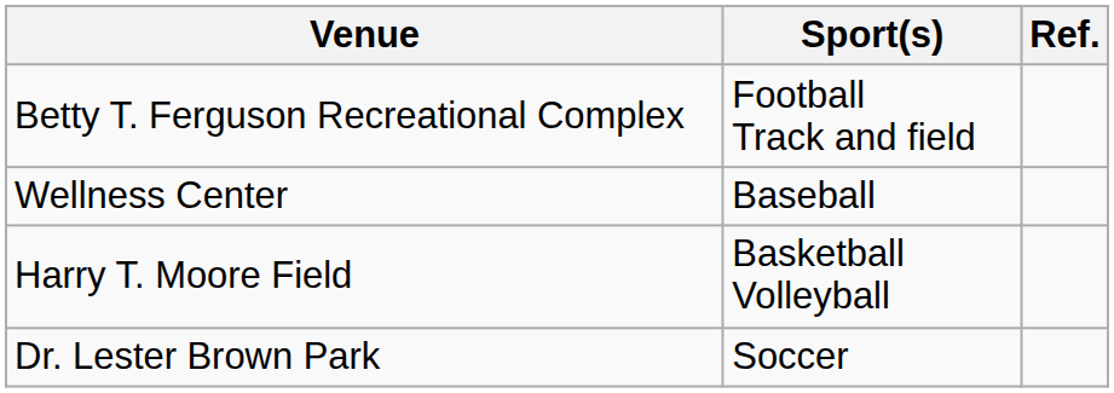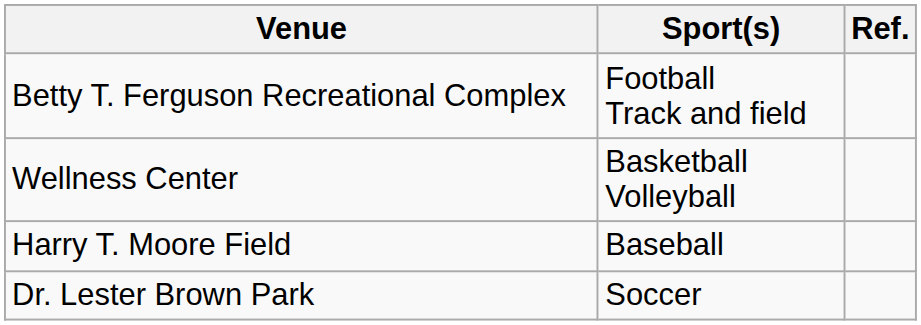 <table class="wikitable"; style= "text-align: ">
 <tr>
 <th width=300px>Venue</th>
 <th width=120px>Sport(s)</th>
 <th width=px>Ref.</th>
 </tr>
 <tr>
 <td>Betty T. Ferguson Recreational Complex</td>
 <td>Football<br> Track and field</td>
 <td></td>
 </tr>
 <tr>
 <td>Wellness Center</td>
-<td>Baseball</td>
+<td>Basketball <br> Volleyball</td>
 <td></td>
 </tr>
 <tr>
 <td>Harry T. Moore Field</td>
-<td>Basketball <br> Volleyball</td>
+<td>Baseball</td>
 <td></td>
 </tr>
 <tr>
 <td>Dr. Lester Brown Park </td>
 <td>Soccer</td>
 <td></td>
 </tr>
 </table>
